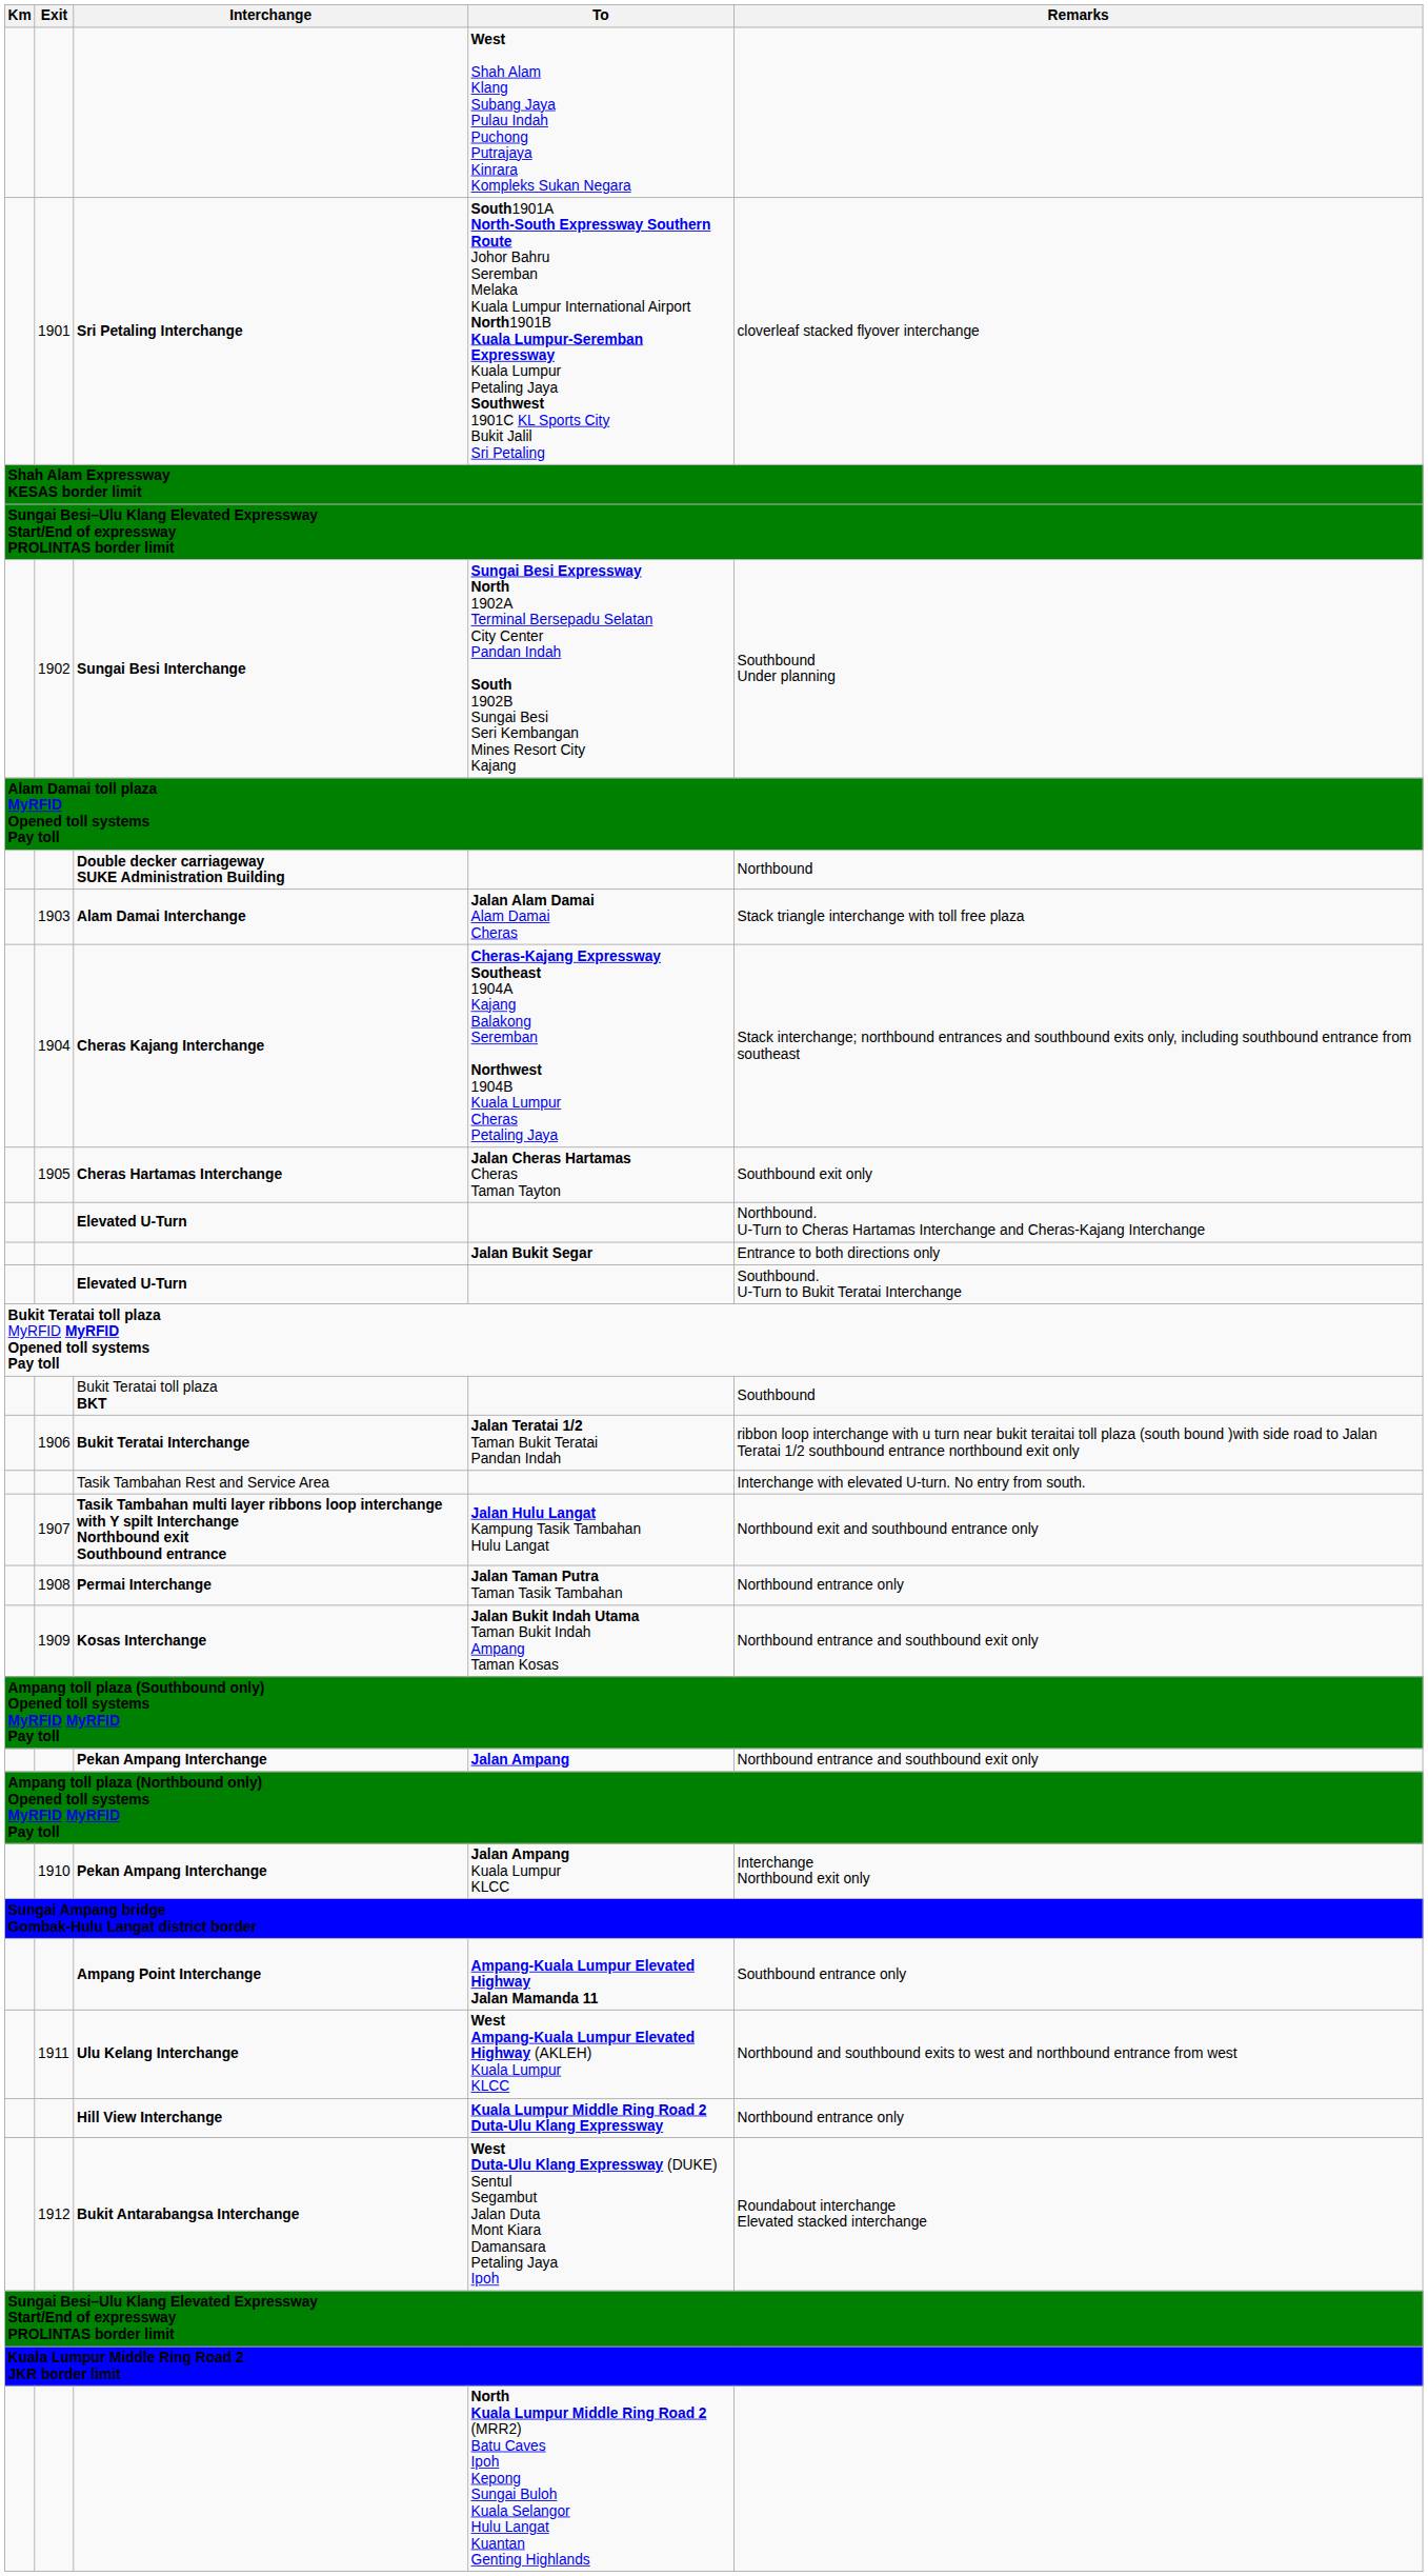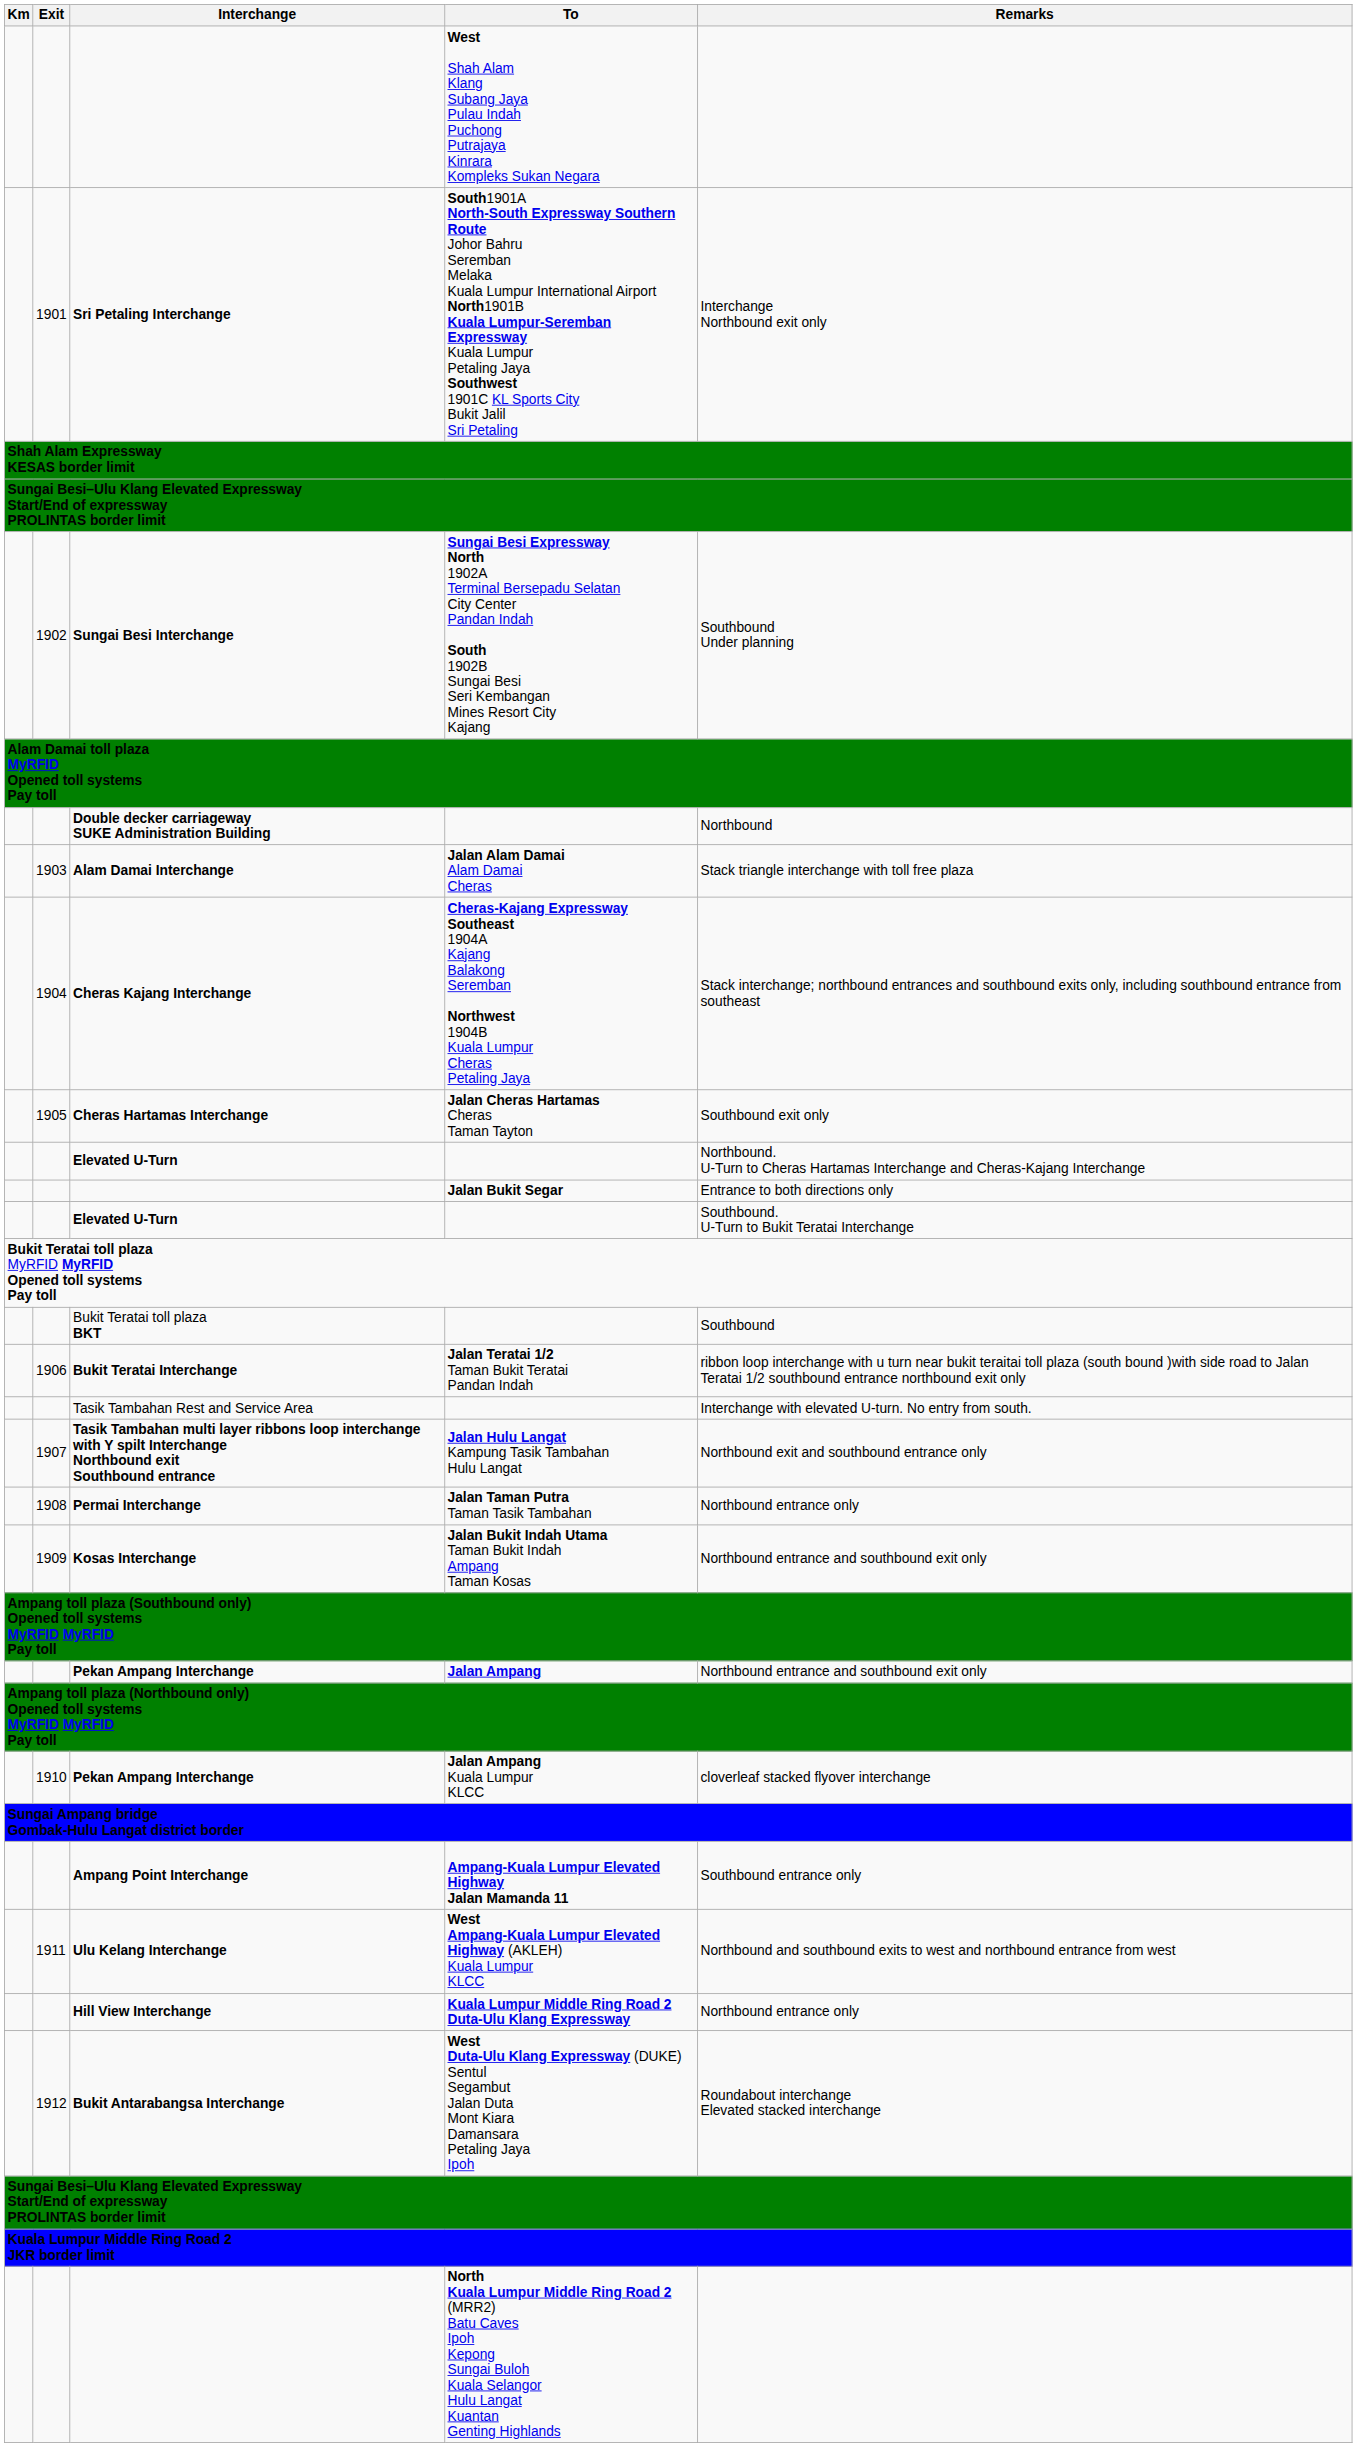 <table class=wikitable>
 <tr>
 <th>Km</th>
 <th>Exit</th>
 <th>Interchange</th>
 <th>To</th>
 <th>Remarks</th>
 </tr>
 <tr>
 <td></td>
 <td></td>
 <td></td>
 <td><strong>West</strong><br> <strong> </strong><br><a href='#'>Shah Alam</a><br><a href='#'>Klang</a><br><a href='#'>Subang Jaya</a><br> <a href='#'>Pulau Indah</a><br> <a href='#'>Puchong</a><br><a href='#'>Putrajaya</a><br><a href='#'>Kinrara</a><br><a href='#'>Kompleks Sukan Negara</a></td>
 <td></td>
 </tr>
 <tr>
 <td></td>
 <td>1901</td>
 <td><strong>Sri Petaling Interchange</strong></td>
 <td><strong>South</strong>1901A<br> <strong><a href='#'>North-South Expressway Southern Route</a></strong><br>  Johor Bahru<br>  Seremban<br>  Melaka<br>  Kuala Lumpur International Airport <br><strong>North</strong>1901B<br> <strong><a href='#'>Kuala Lumpur-Seremban Expressway</a></strong><br>Kuala Lumpur<br>Petaling Jaya<br><strong>Southwest</strong><br>1901C <a href='#'>KL Sports City</a><br>Bukit Jalil<br><a href='#'>Sri Petaling</a><br></td>
-<td>cloverleaf stacked flyover interchange</td>
+<td>Interchange<br>Northbound exit only</td>
 </tr>
 <tr>
 <td style="width:600px" colspan="5" style="text-align:center" bgcolor="green"><strong><span> Shah Alam Expressway<br>KESAS border limit</span></strong></td>
 </tr>
 <tr>
 <td style="width:600px" colspan="5" style="text-align:center" bgcolor="green"><strong><span> Sungai Besi–Ulu Klang Elevated Expressway<br>Start/End of expressway<br>PROLINTAS border limit</span></strong></td>
 </tr>
 <tr>
 <td></td>
 <td>1902</td>
 <td><strong>Sungai Besi Interchange</strong></td>
 <td> <strong><a href='#'>Sungai Besi Expressway</a></strong><br><strong>North</strong><br>1902A<br><a href='#'>Terminal Bersepadu Selatan</a><br>City Center<br><a href='#'>Pandan Indah</a><br><br><strong>South</strong><br>1902B<br>Sungai Besi<br>Seri Kembangan<br>Mines Resort City<br>Kajang</td>
 <td>Southbound<br>Under planning</td>
 </tr>
 <tr>
 <td style="width:600px" colspan="5" style="text-align:center" bgcolor="green"><strong><span>Alam Damai toll plaza<br>  <a href='#'><span>My</span><span>RFID</span></a>  <br>Opened toll systems<br>Pay toll</span></strong></td>
 </tr>
 <tr>
 <td></td>
 <td></td>
 <td><strong>Double decker carriageway</strong><br> <strong>SUKE Administration Building</strong></td>
 <td></td>
 <td>Northbound</td>
 </tr>
 <tr>
 <td></td>
 <td>1903</td>
 <td><strong>Alam Damai Interchange</strong></td>
 <td><strong>Jalan Alam Damai</strong><br><a href='#'>Alam Damai</a><br><a href='#'>Cheras</a></td>
 <td>Stack triangle interchange with toll free plaza</td>
 </tr>
 <tr>
 <td></td>
 <td>1904</td>
 <td><strong>Cheras Kajang Interchange</strong></td>
 <td> <strong><a href='#'>Cheras-Kajang Expressway</a></strong><br><strong>Southeast</strong><br>1904A<br><a href='#'>Kajang</a><br><a href='#'>Balakong</a><br> <a href='#'>Seremban</a><br><br><strong>Northwest</strong><br>1904B<br><a href='#'>Kuala Lumpur</a><br><a href='#'>Cheras</a><br><a href='#'>Petaling Jaya</a></td>
 <td>Stack interchange; northbound entrances and southbound exits only, including southbound entrance from southeast</td>
 </tr>
 <tr>
 <td></td>
 <td>1905</td>
 <td><strong>Cheras Hartamas Interchange</strong></td>
 <td><strong>Jalan Cheras Hartamas</strong><br>Cheras<br>Taman Tayton</td>
 <td>Southbound exit only</td>
 </tr>
 <tr>
 <td></td>
 <td></td>
 <td><strong>Elevated U-Turn</strong></td>
 <td></td>
 <td>Northbound.<br>U-Turn to Cheras Hartamas Interchange and Cheras-Kajang Interchange</td>
 </tr>
 <tr>
 <td></td>
 <td></td>
 <td></td>
 <td><strong>Jalan Bukit Segar</strong></td>
 <td>Entrance to both directions only</td>
 </tr>
 <tr>
 <td></td>
 <td></td>
 <td><strong>Elevated U-Turn</strong></td>
 <td></td>
 <td>Southbound.<br>U-Turn to Bukit Teratai Interchange</td>
 </tr>
 <tr>
 <td style="width:600px" colspan="5" style="text-align:center; background:green;"><strong><span>Bukit Teratai toll plaza<br></span></strong><a href='#'><span>My</span><span>RFID</span></a> <strong><span>  <a href='#'><span>My</span><span>RFID</span></a>  <br>Opened toll systems<br>Pay toll</span></strong></td>
 </tr>
 <tr>
 <td></td>
 <td></td>
 <td> Bukit Teratai toll plaza<br><strong>BKT</strong></td>
 <td>  </td>
 <td>Southbound</td>
 </tr>
 <tr>
 <td></td>
 <td>1906</td>
 <td><strong>Bukit Teratai Interchange</strong></td>
 <td><strong>Jalan Teratai 1/2</strong><br>Taman Bukit Teratai<br>Pandan Indah</td>
 <td>ribbon loop interchange  with u turn near bukit teraitai toll plaza (south bound )with side road to Jalan Teratai 1/2 southbound entrance northbound exit only</td>
 </tr>
 <tr>
 <td></td>
 <td></td>
 <td> Tasik Tambahan Rest and Service Area</td>
 <td>      </td>
 <td>Interchange with elevated U-turn. No entry from south.</td>
 </tr>
 <tr>
 <td></td>
 <td>1907</td>
 <td><strong>Tasik Tambahan  multi layer ribbons loop interchange with Y spilt  Interchange<br>Northbound exit <br>Southbound entrance </strong></td>
 <td> <strong><a href='#'>Jalan Hulu Langat</a></strong><br>Kampung Tasik Tambahan<br>Hulu Langat</td>
 <td>Northbound exit and southbound entrance only</td>
 </tr>
 <tr>
 <td></td>
 <td>1908</td>
 <td><strong>Permai Interchange</strong></td>
 <td><strong>Jalan Taman Putra</strong><br>Taman Tasik Tambahan</td>
 <td>Northbound entrance only</td>
 </tr>
 <tr>
 <td></td>
 <td>1909</td>
 <td><strong>Kosas Interchange</strong></td>
 <td><strong>Jalan Bukit Indah Utama</strong><br>Taman Bukit Indah<br><a href='#'>Ampang</a><br>Taman Kosas</td>
 <td>Northbound entrance and southbound exit only</td>
 </tr>
 <tr>
 <td style="width:600px" colspan="5" style="text-align:center" bgcolor="green"><strong><span>Ampang toll plaza (Southbound only)<br>Opened toll systems<br> <a href='#'><span>My</span><span>RFID</span></a>   <a href='#'><span>My</span><span>RFID</span></a><br>Pay toll</span></strong></td>
 </tr>
 <tr>
 <td></td>
 <td></td>
 <td><strong>Pekan Ampang Interchange</strong></td>
 <td> <strong><a href='#'>Jalan Ampang</a></strong></td>
 <td>Northbound entrance and southbound exit only</td>
 </tr>
 <tr>
 <td style="width:600px" colspan="5" style="text-align:center" bgcolor="green"><strong><span>Ampang toll plaza (Northbound only)<br>Opened toll systems<br> <a href='#'><span>My</span><span>RFID</span></a>   <a href='#'><span>My</span><span>RFID</span></a><br>Pay toll</span></strong></td>
 </tr>
 <tr>
 <td></td>
 <td>1910</td>
 <td><strong>Pekan Ampang Interchange</strong></td>
 <td> <strong>Jalan Ampang</strong><br>Kuala Lumpur<br>KLCC</td>
-<td>Interchange<br>Northbound exit only</td>
+<td>cloverleaf stacked flyover interchange</td>
 </tr>
 <tr>
 <td style="width:600px" colspan="5" style="text-align:center" bgcolor="blue"><strong><span>Sungai Ampang bridge<br>Gombak-Hulu Langat district border</span></strong></td>
 </tr>
 <tr>
 <td></td>
 <td></td>
 <td><strong>Ampang Point Interchange</strong></td>
 <td><br> <strong><a href='#'>Ampang-Kuala Lumpur Elevated Highway</a></strong><br><strong>Jalan Mamanda 11</strong></td>
 <td>Southbound entrance only</td>
 </tr>
 <tr>
 <td></td>
 <td>1911</td>
 <td><strong>Ulu Kelang Interchange</strong></td>
 <td><strong>West</strong><br> <strong><a href='#'>Ampang-Kuala Lumpur Elevated Highway</a></strong> (AKLEH)<br><a href='#'>Kuala Lumpur</a><br><a href='#'>KLCC</a></td>
 <td>Northbound and southbound exits to west and northbound entrance from west</td>
 </tr>
 <tr>
 <td></td>
 <td></td>
 <td><strong>Hill View Interchange</strong></td>
 <td> <strong><a href='#'>Kuala Lumpur Middle Ring Road 2</a></strong><br> <strong><a href='#'>Duta-Ulu Klang Expressway</a></strong></td>
 <td>Northbound entrance only</td>
 </tr>
 <tr>
 <td></td>
 <td>1912</td>
 <td><strong>Bukit Antarabangsa Interchange</strong></td>
 <td><strong>West</strong><br> <strong><a href='#'>Duta-Ulu Klang Expressway</a></strong> (DUKE)<br>Sentul<br>Segambut<br>Jalan Duta<br>Mont Kiara<br>Damansara<br>Petaling Jaya<br> <a href='#'>Ipoh</a></td>
 <td>Roundabout interchange<br>Elevated stacked interchange</td>
 </tr>
 <tr>
 <td style="width:600px" colspan="5" style="text-align:center" bgcolor="green"><strong><span> Sungai Besi–Ulu Klang Elevated Expressway<br>Start/End of expressway<br>PROLINTAS border limit</span></strong></td>
 </tr>
 <tr>
 <td style="width:600px" colspan="5" style="text-align:center" bgcolor="blue"><strong><span> Kuala Lumpur Middle Ring Road 2<br>JKR border limit</span></strong></td>
 </tr>
 <tr>
 <td></td>
 <td></td>
 <td></td>
 <td><strong>North</strong><br> <strong><a href='#'>Kuala Lumpur Middle Ring Road 2</a></strong> (MRR2)<br> <a href='#'>Batu Caves</a><br> <a href='#'>Ipoh</a><br> <a href='#'>Kepong</a><br> <a href='#'>Sungai Buloh</a><br> <a href='#'>Kuala Selangor</a><br> <a href='#'>Hulu Langat</a><br> <a href='#'>Kuantan</a><br> <a href='#'>Genting Highlands</a></td>
 </tr>
 </table>
